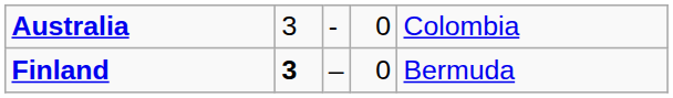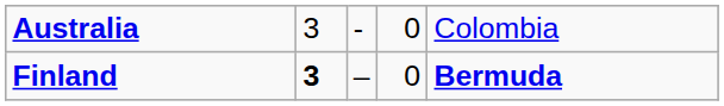 <table class="wikitable">
 <tr>
 <td width=150> <strong><a href='#'>Australia</a></strong></td>
 <td style="width:20px; text-align:left;">3</td>
 <td>-</td>
 <td style="width:20px; text-align:right;">0</td>
 <td width=150> <a href='#'>Colombia</a></td>
 </tr>
 <tr>
 <td> <strong><a href='#'>Finland</a></strong></td>
 <td style="text-align:left;"><strong>3</strong></td>
 <td>–</td>
 <td style="text-align:right;">0</td>
-<td> <a href='#'>Bermuda</a></td>
+<td><strong> <a href='#'>Bermuda</a></strong></td>
 </tr>
 </table>
